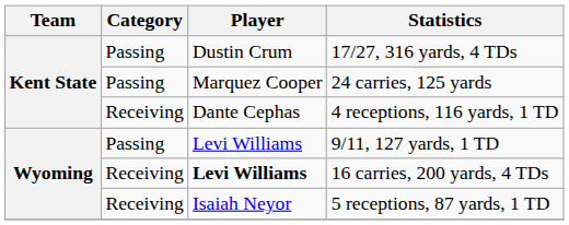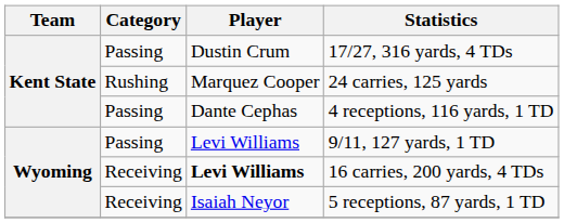 <table class="wikitable" style="float: left;">
 <tr>
 <th>Team</th>
 <th>Category</th>
 <th>Player</th>
 <th>Statistics</th>
 </tr>
 <tr>
 <th rowspan=3>Kent State</th>
 <td>Passing</td>
 <td>Dustin Crum</td>
 <td>17/27, 316 yards, 4 TDs</td>
 </tr>
 <tr>
-<td>Passing</td>
+<td>Rushing</td>
 <td>Marquez Cooper</td>
 <td>24 carries, 125 yards</td>
 </tr>
 <tr>
-<td>Receiving</td>
+<td>Passing</td>
 <td>Dante Cephas</td>
 <td>4 receptions, 116 yards, 1 TD</td>
 </tr>
 <tr>
 <th rowspan=3 style=>Wyoming</th>
 <td>Passing</td>
 <td><a href='#'>Levi Williams</a></td>
 <td>9/11, 127 yards, 1 TD</td>
 </tr>
 <tr>
 <td>Receiving</td>
 <td><strong>Levi Williams</strong></td>
 <td>16 carries, 200 yards, 4 TDs</td>
 </tr>
 <tr>
 <td>Receiving</td>
 <td><a href='#'>Isaiah Neyor</a></td>
 <td>5 receptions, 87 yards, 1 TD</td>
 </tr>
 <tr>
 </tr>
 </table>
